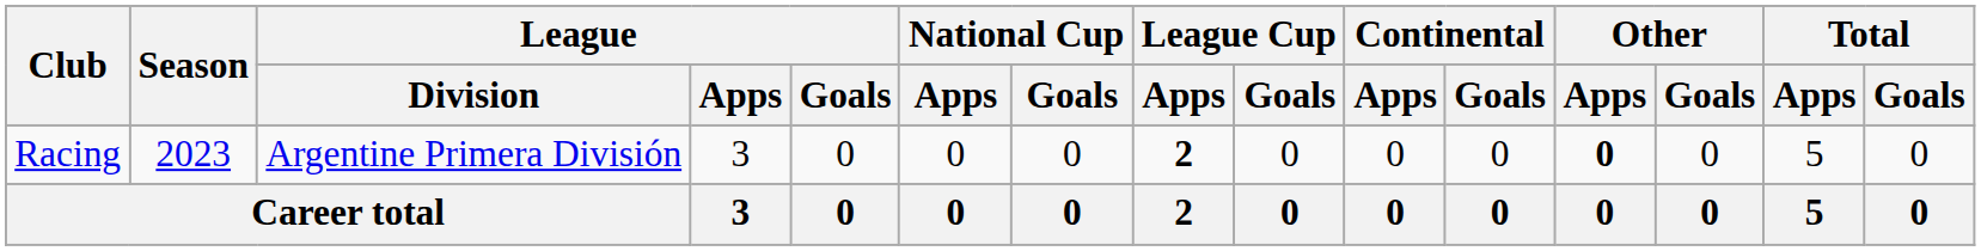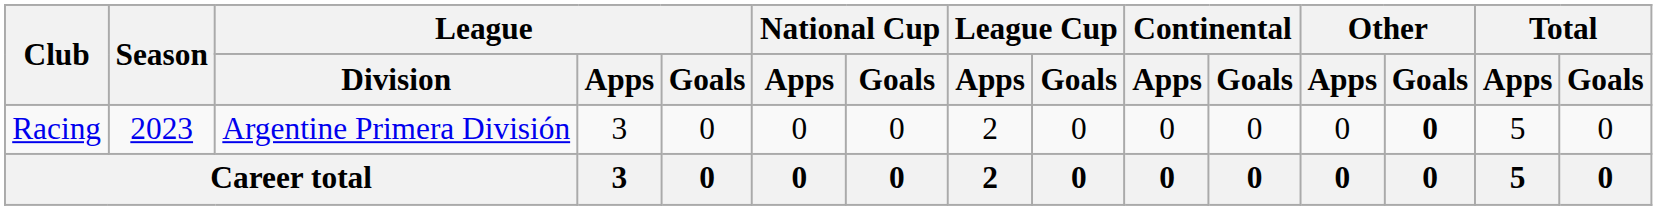 <table class=wikitable style=text-align:center>
 <tr>
 <th rowspan="2">Club</th>
 <th rowspan="2">Season</th>
 <th colspan="3">League</th>
 <th colspan="2">National Cup</th>
 <th colspan="2">League Cup</th>
 <th colspan="2">Continental</th>
 <th colspan="2">Other</th>
 <th colspan="2">Total</th>
 </tr>
 <tr>
 <th>Division</th>
 <th>Apps</th>
 <th>Goals</th>
 <th>Apps</th>
 <th>Goals</th>
 <th>Apps</th>
 <th>Goals</th>
 <th>Apps</th>
 <th>Goals</th>
 <th>Apps</th>
 <th>Goals</th>
 <th>Apps</th>
 <th>Goals</th>
 </tr>
 <tr>
 <td><a href='#'>Racing</a></td>
 <td><a href='#'>2023</a></td>
 <td><a href='#'>Argentine Primera División</a></td>
 <td>3</td>
 <td>0</td>
 <td>0</td>
 <td>0</td>
-<td><strong>2</strong></td>
+<td>2</td>
+<td>0</td>
 <td>0</td>
 <td>0</td>
 <td>0</td>
 <td><strong>0</strong></td>
-<td>0</td>
 <td>5</td>
 <td>0</td>
 </tr>
 <tr>
 <th colspan="3"><strong>Career total</strong></th>
 <th>3</th>
 <th>0</th>
 <th>0</th>
 <th>0</th>
 <th>2</th>
 <th>0</th>
 <th>0</th>
 <th>0</th>
 <th>0</th>
 <th>0</th>
 <th>5</th>
 <th>0</th>
 </tr>
 </table>
